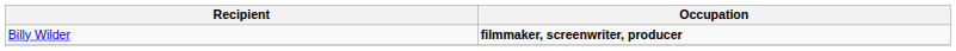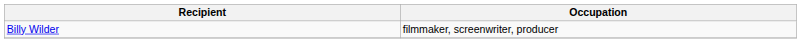 <table class="wikitable" width="95%" cellpadding="5">
 <tr>
 <th width="25%">Recipient</th>
 <th width="25%">Occupation</th>
 </tr>
 <tr>
 <td> <a href='#'>Billy Wilder</a></td>
-<td><strong>filmmaker, screenwriter, producer</strong></td>
+<td>filmmaker, screenwriter, producer</td>
 </tr>
 <tr>
 </tr>
 </table>
